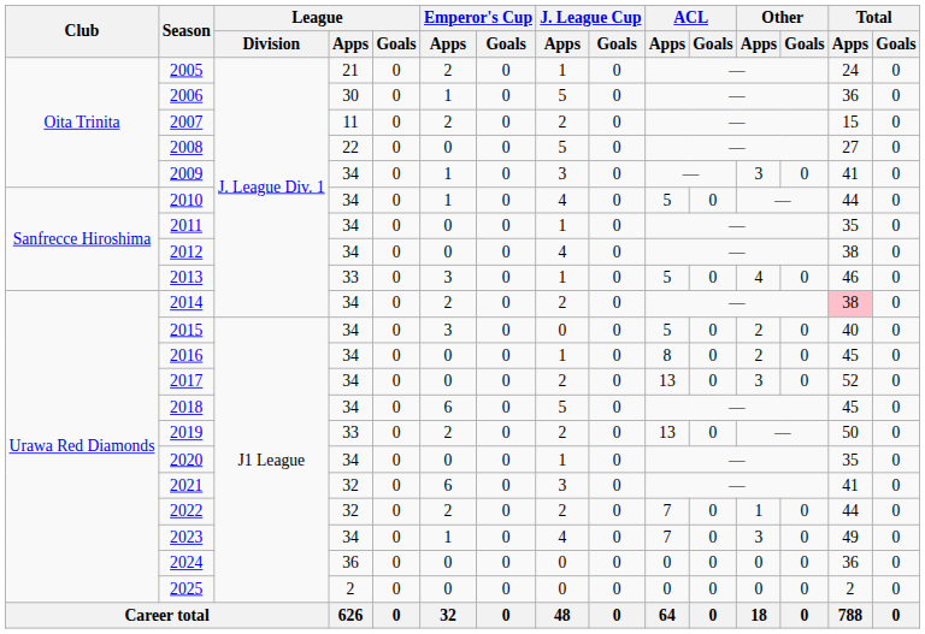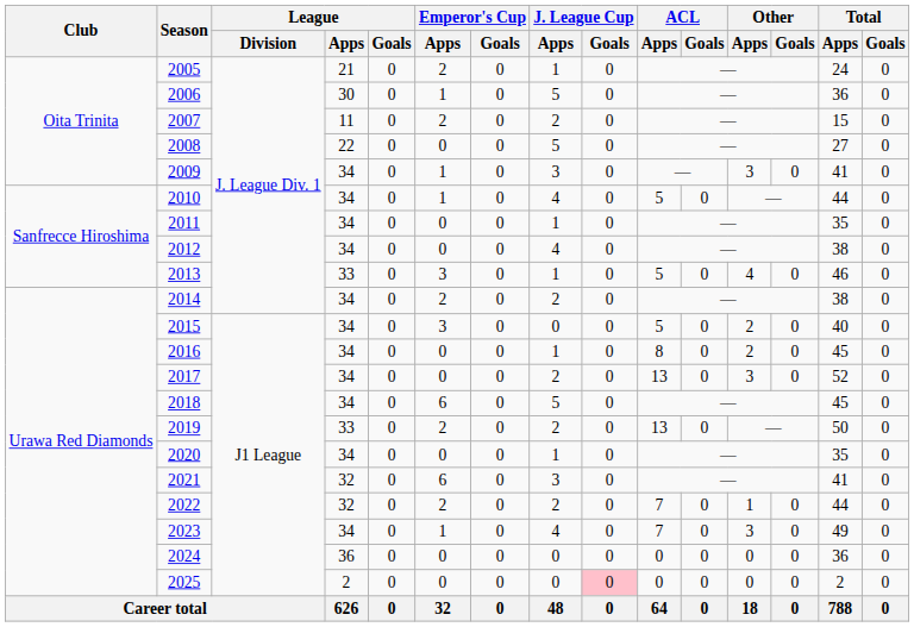 <table class="wikitable" style="text-align:center">
 <tr>
 <th rowspan="2">Club</th>
 <th rowspan="2">Season</th>
 <th colspan="3">League</th>
 <th colspan="2"><a href='#'>Emperor's Cup</a></th>
 <th colspan="2"><a href='#'>J. League Cup</a></th>
 <th colspan="2"><a href='#'>ACL</a></th>
 <th colspan="2">Other</th>
 <th colspan="2">Total</th>
 </tr>
 <tr>
 <th>Division</th>
 <th>Apps</th>
 <th>Goals</th>
 <th>Apps</th>
 <th>Goals</th>
 <th>Apps</th>
 <th>Goals</th>
 <th>Apps</th>
 <th>Goals</th>
 <th>Apps</th>
 <th>Goals</th>
 <th>Apps</th>
 <th>Goals</th>
 </tr>
 <tr>
 <td rowspan="5"><a href='#'>Oita Trinita</a></td>
 <td><a href='#'>2005</a></td>
 <td rowspan="10"><a href='#'>J. League Div. 1</a></td>
 <td>21</td>
 <td>0</td>
 <td>2</td>
 <td>0</td>
 <td>1</td>
 <td>0</td>
 <td colspan="4">—</td>
 <td>24</td>
 <td>0</td>
 </tr>
 <tr>
 <td><a href='#'>2006</a></td>
 <td>30</td>
 <td>0</td>
 <td>1</td>
 <td>0</td>
 <td>5</td>
 <td>0</td>
 <td colspan="4">—</td>
 <td>36</td>
 <td>0</td>
 </tr>
 <tr>
 <td><a href='#'>2007</a></td>
 <td>11</td>
 <td>0</td>
 <td>2</td>
 <td>0</td>
 <td>2</td>
 <td>0</td>
 <td colspan="4">—</td>
 <td>15</td>
 <td>0</td>
 </tr>
 <tr>
 <td><a href='#'>2008</a></td>
 <td>22</td>
 <td>0</td>
 <td>0</td>
 <td>0</td>
 <td>5</td>
 <td>0</td>
 <td colspan="4">—</td>
 <td>27</td>
 <td>0</td>
 </tr>
 <tr>
 <td><a href='#'>2009</a></td>
 <td>34</td>
 <td>0</td>
 <td>1</td>
 <td>0</td>
 <td>3</td>
 <td>0</td>
 <td colspan="2">—</td>
 <td>3</td>
 <td>0</td>
 <td>41</td>
 <td>0</td>
 </tr>
 <tr>
 <td rowspan="4"><a href='#'>Sanfrecce Hiroshima</a></td>
 <td><a href='#'>2010</a></td>
 <td>34</td>
 <td>0</td>
 <td>1</td>
 <td>0</td>
 <td>4</td>
 <td>0</td>
 <td>5</td>
 <td>0</td>
 <td colspan="2">—</td>
 <td>44</td>
 <td>0</td>
 </tr>
 <tr>
 <td><a href='#'>2011</a></td>
 <td>34</td>
 <td>0</td>
 <td>0</td>
 <td>0</td>
 <td>1</td>
 <td>0</td>
 <td colspan="4">—</td>
 <td>35</td>
 <td>0</td>
 </tr>
 <tr>
 <td><a href='#'>2012</a></td>
 <td>34</td>
 <td>0</td>
 <td>0</td>
 <td>0</td>
 <td>4</td>
 <td>0</td>
 <td colspan="4">—</td>
 <td>38</td>
 <td>0</td>
 </tr>
 <tr>
 <td><a href='#'>2013</a></td>
 <td>33</td>
 <td>0</td>
 <td>3</td>
 <td>0</td>
 <td>1</td>
 <td>0</td>
 <td>5</td>
 <td>0</td>
 <td>4</td>
 <td>0</td>
 <td>46</td>
 <td>0</td>
 </tr>
 <tr>
 <td rowspan="12"><a href='#'>Urawa Red Diamonds</a></td>
 <td><a href='#'>2014</a></td>
 <td>34</td>
 <td>0</td>
 <td>2</td>
 <td>0</td>
 <td>2</td>
 <td>0</td>
 <td colspan="4">—</td>
-<td style="background: pink;">38</td>
+<td>38</td>
 <td>0</td>
 </tr>
 <tr>
 <td><a href='#'>2015</a></td>
 <td rowspan="11">J1 League</td>
 <td>34</td>
 <td>0</td>
 <td>3</td>
 <td>0</td>
 <td>0</td>
 <td>0</td>
 <td>5</td>
 <td>0</td>
 <td>2</td>
 <td>0</td>
 <td>40</td>
 <td>0</td>
 </tr>
 <tr>
 <td><a href='#'>2016</a></td>
 <td>34</td>
 <td>0</td>
 <td>0</td>
 <td>0</td>
 <td>1</td>
 <td>0</td>
 <td>8</td>
 <td>0</td>
 <td>2</td>
 <td>0</td>
 <td>45</td>
 <td>0</td>
 </tr>
 <tr>
 <td><a href='#'>2017</a></td>
 <td>34</td>
 <td>0</td>
 <td>0</td>
 <td>0</td>
 <td>2</td>
 <td>0</td>
 <td>13</td>
 <td>0</td>
 <td>3</td>
 <td>0</td>
 <td>52</td>
 <td>0</td>
 </tr>
 <tr>
 <td><a href='#'>2018</a></td>
 <td>34</td>
 <td>0</td>
 <td>6</td>
 <td>0</td>
 <td>5</td>
 <td>0</td>
 <td colspan="4">—</td>
 <td>45</td>
 <td>0</td>
 </tr>
 <tr>
 <td><a href='#'>2019</a></td>
 <td>33</td>
 <td>0</td>
 <td>2</td>
 <td>0</td>
 <td>2</td>
 <td>0</td>
 <td>13</td>
 <td>0</td>
 <td colspan="2">—</td>
 <td>50</td>
 <td>0</td>
 </tr>
 <tr>
 <td><a href='#'>2020</a></td>
 <td>34</td>
 <td>0</td>
 <td>0</td>
 <td>0</td>
 <td>1</td>
 <td>0</td>
 <td colspan="4">—</td>
 <td>35</td>
 <td>0</td>
 </tr>
 <tr>
 <td><a href='#'>2021</a></td>
 <td>32</td>
 <td>0</td>
 <td>6</td>
 <td>0</td>
 <td>3</td>
 <td>0</td>
 <td colspan="4">—</td>
 <td>41</td>
 <td>0</td>
 </tr>
 <tr>
 <td><a href='#'>2022</a></td>
 <td>32</td>
 <td>0</td>
 <td>2</td>
 <td>0</td>
 <td>2</td>
 <td>0</td>
 <td>7</td>
 <td>0</td>
 <td>1</td>
 <td>0</td>
 <td>44</td>
 <td>0</td>
 </tr>
 <tr>
 <td><a href='#'>2023</a></td>
 <td>34</td>
 <td>0</td>
 <td>1</td>
 <td>0</td>
 <td>4</td>
 <td>0</td>
 <td>7</td>
 <td>0</td>
 <td>3</td>
 <td>0</td>
 <td>49</td>
 <td>0</td>
 </tr>
 <tr>
 <td><a href='#'>2024</a></td>
 <td>36</td>
 <td>0</td>
 <td>0</td>
 <td>0</td>
 <td>0</td>
 <td>0</td>
 <td>0</td>
 <td>0</td>
 <td>0</td>
 <td>0</td>
 <td>36</td>
 <td>0</td>
 </tr>
 <tr>
 <td><a href='#'>2025</a></td>
 <td>2</td>
 <td>0</td>
 <td>0</td>
 <td>0</td>
 <td>0</td>
-<td>0</td>
+<td style="background: pink;">0</td>
 <td>0</td>
 <td>0</td>
 <td>0</td>
 <td>0</td>
 <td>2</td>
 <td>0</td>
 </tr>
 <tr>
 <th colspan="3">Career total</th>
 <th>626</th>
 <th>0</th>
 <th>32</th>
 <th>0</th>
 <th>48</th>
 <th>0</th>
 <th>64</th>
 <th>0</th>
 <th>18</th>
 <th>0</th>
 <th>788</th>
 <th>0</th>
 </tr>
 </table>
